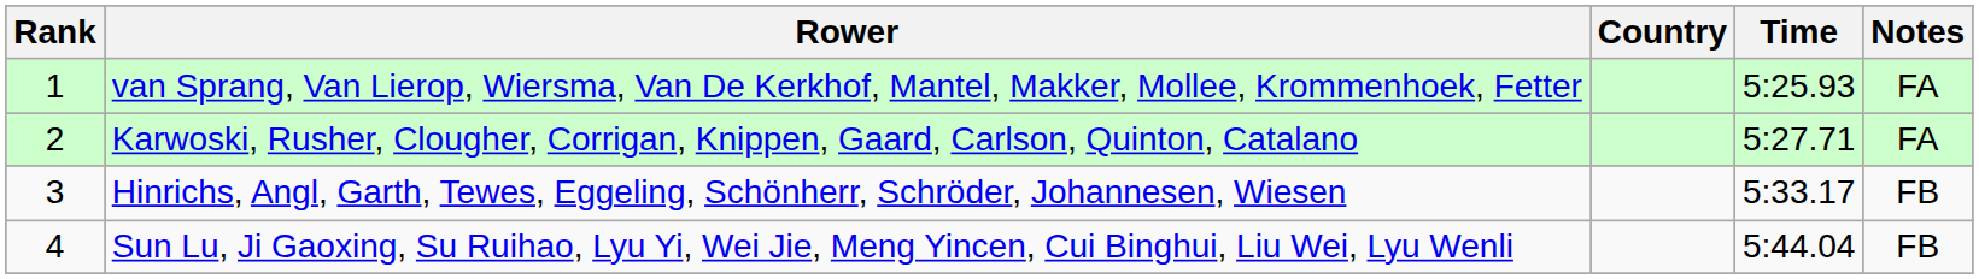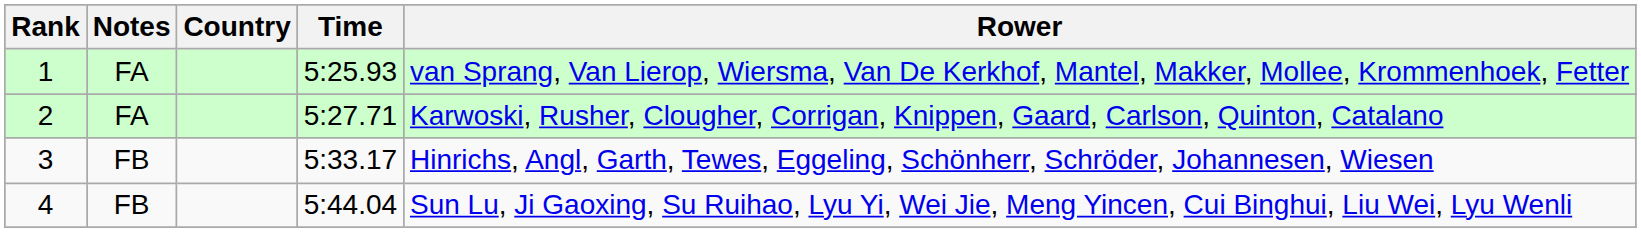 <table class="wikitable" style="text-align:center">
 <tr>
 <th>Rank</th>
-<th>Rower</th>
+<th>Notes</th>
 <th>Country</th>
 <th>Time</th>
-<th>Notes</th>
+<th>Rower</th>
 </tr>
 <tr bgcolor=ccffcc>
 <td>1</td>
-<td align="left"><a href='#'>van Sprang</a>, <a href='#'>Van Lierop</a>, <a href='#'>Wiersma</a>, <a href='#'>Van De Kerkhof</a>, <a href='#'>Mantel</a>, <a href='#'>Makker</a>, <a href='#'>Mollee</a>, <a href='#'>Krommenhoek</a>, <a href='#'>Fetter</a></td>
+<td>FA</td>
 <td align="left"></td>
 <td>5:25.93</td>
-<td>FA</td>
+<td align="left"><a href='#'>van Sprang</a>, <a href='#'>Van Lierop</a>, <a href='#'>Wiersma</a>, <a href='#'>Van De Kerkhof</a>, <a href='#'>Mantel</a>, <a href='#'>Makker</a>, <a href='#'>Mollee</a>, <a href='#'>Krommenhoek</a>, <a href='#'>Fetter</a></td>
 </tr>
 <tr bgcolor=ccffcc>
 <td>2</td>
-<td align="left"><a href='#'>Karwoski</a>, <a href='#'>Rusher</a>, <a href='#'>Clougher</a>, <a href='#'>Corrigan</a>, <a href='#'>Knippen</a>, <a href='#'>Gaard</a>, <a href='#'>Carlson</a>, <a href='#'>Quinton</a>, <a href='#'>Catalano</a></td>
+<td>FA</td>
 <td align="left"></td>
 <td>5:27.71</td>
-<td>FA</td>
+<td align="left"><a href='#'>Karwoski</a>, <a href='#'>Rusher</a>, <a href='#'>Clougher</a>, <a href='#'>Corrigan</a>, <a href='#'>Knippen</a>, <a href='#'>Gaard</a>, <a href='#'>Carlson</a>, <a href='#'>Quinton</a>, <a href='#'>Catalano</a></td>
 </tr>
 <tr>
 <td>3</td>
-<td align="left"><a href='#'>Hinrichs</a>, <a href='#'>Angl</a>, <a href='#'>Garth</a>, <a href='#'>Tewes</a>, <a href='#'>Eggeling</a>, <a href='#'>Schönherr</a>, <a href='#'>Schröder</a>, <a href='#'>Johannesen</a>, <a href='#'>Wiesen</a></td>
+<td>FB</td>
 <td align="left"></td>
 <td>5:33.17</td>
-<td>FB</td>
+<td align="left"><a href='#'>Hinrichs</a>, <a href='#'>Angl</a>, <a href='#'>Garth</a>, <a href='#'>Tewes</a>, <a href='#'>Eggeling</a>, <a href='#'>Schönherr</a>, <a href='#'>Schröder</a>, <a href='#'>Johannesen</a>, <a href='#'>Wiesen</a></td>
 </tr>
 <tr>
 <td>4</td>
-<td align="left"><a href='#'>Sun Lu</a>, <a href='#'>Ji Gaoxing</a>, <a href='#'>Su Ruihao</a>, <a href='#'>Lyu Yi</a>, <a href='#'>Wei Jie</a>, <a href='#'>Meng Yincen</a>, <a href='#'>Cui Binghui</a>, <a href='#'>Liu Wei</a>, <a href='#'>Lyu Wenli</a></td>
+<td>FB</td>
 <td align="left"></td>
 <td>5:44.04</td>
-<td>FB</td>
+<td align="left"><a href='#'>Sun Lu</a>, <a href='#'>Ji Gaoxing</a>, <a href='#'>Su Ruihao</a>, <a href='#'>Lyu Yi</a>, <a href='#'>Wei Jie</a>, <a href='#'>Meng Yincen</a>, <a href='#'>Cui Binghui</a>, <a href='#'>Liu Wei</a>, <a href='#'>Lyu Wenli</a></td>
 </tr>
 </table>
